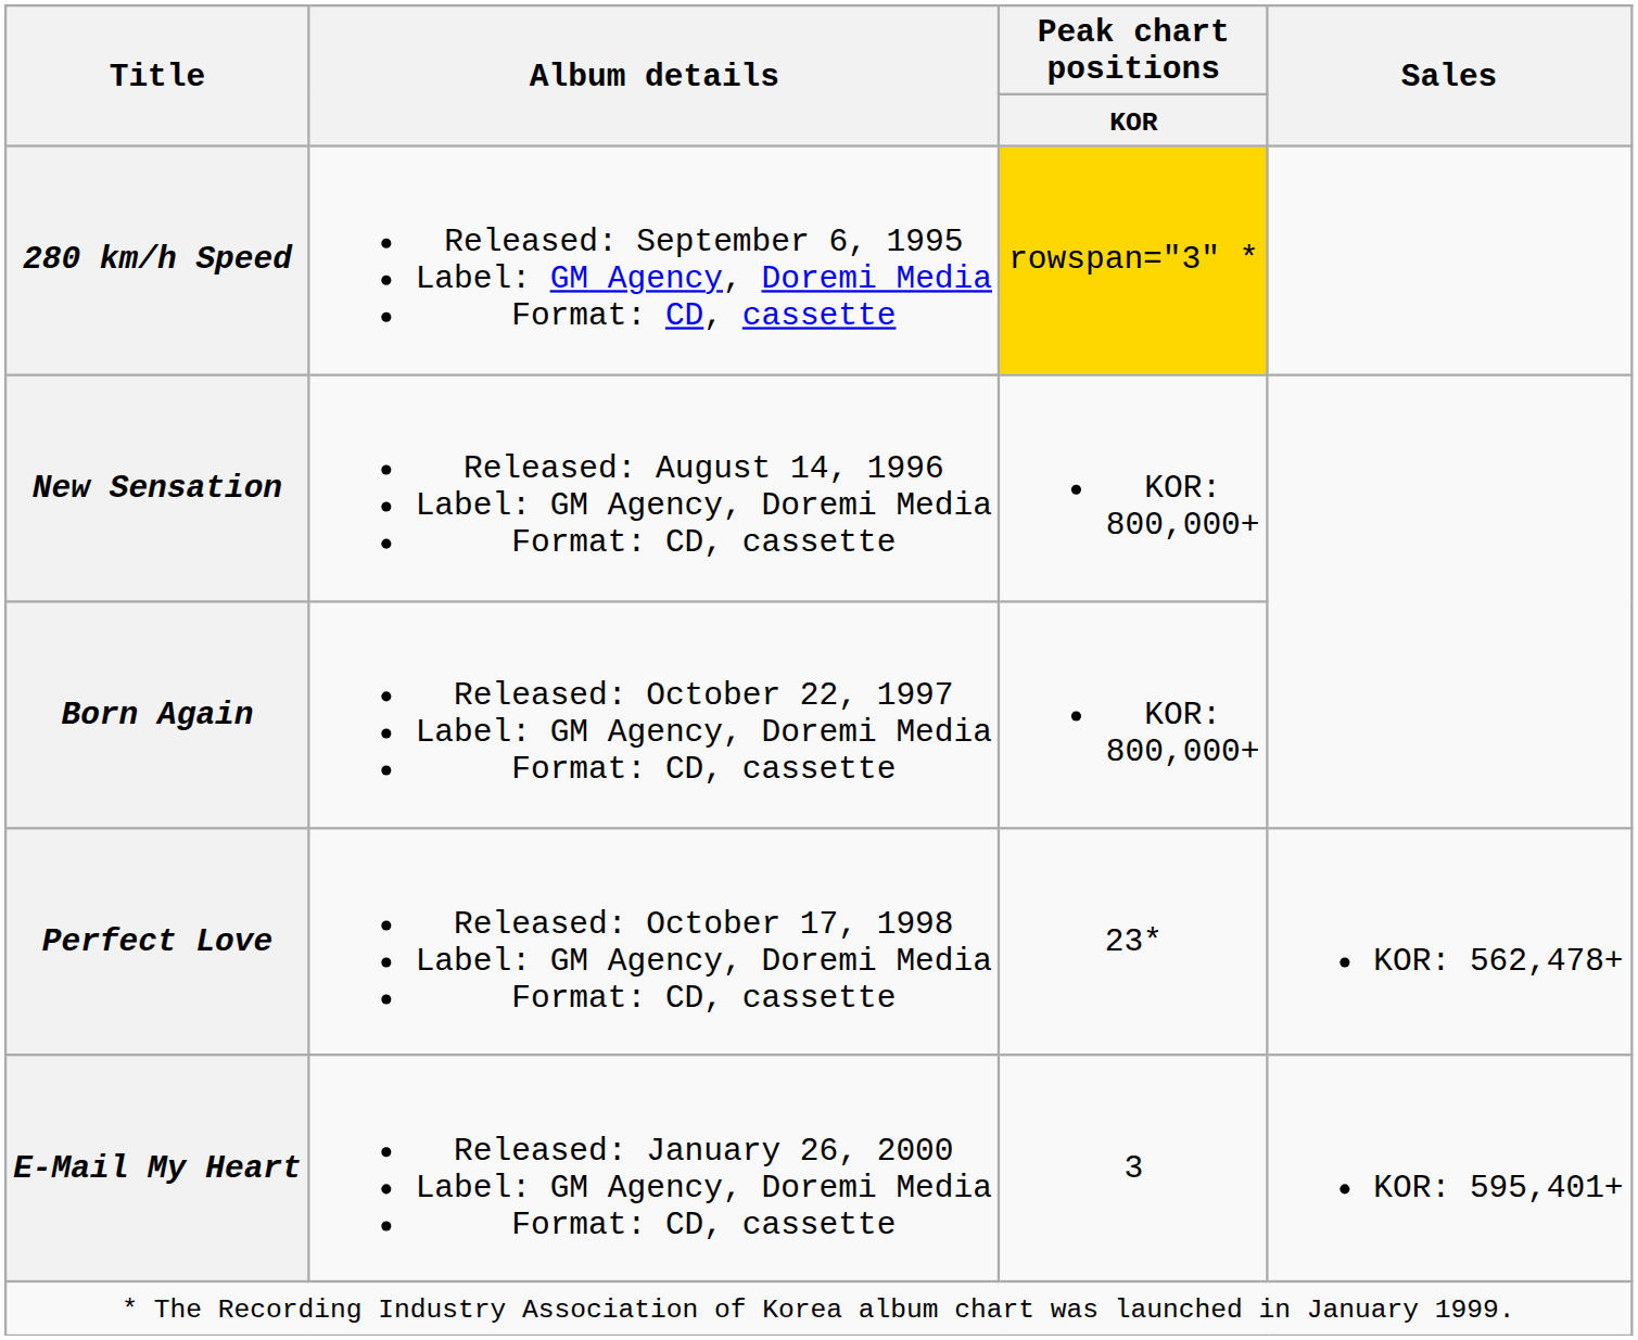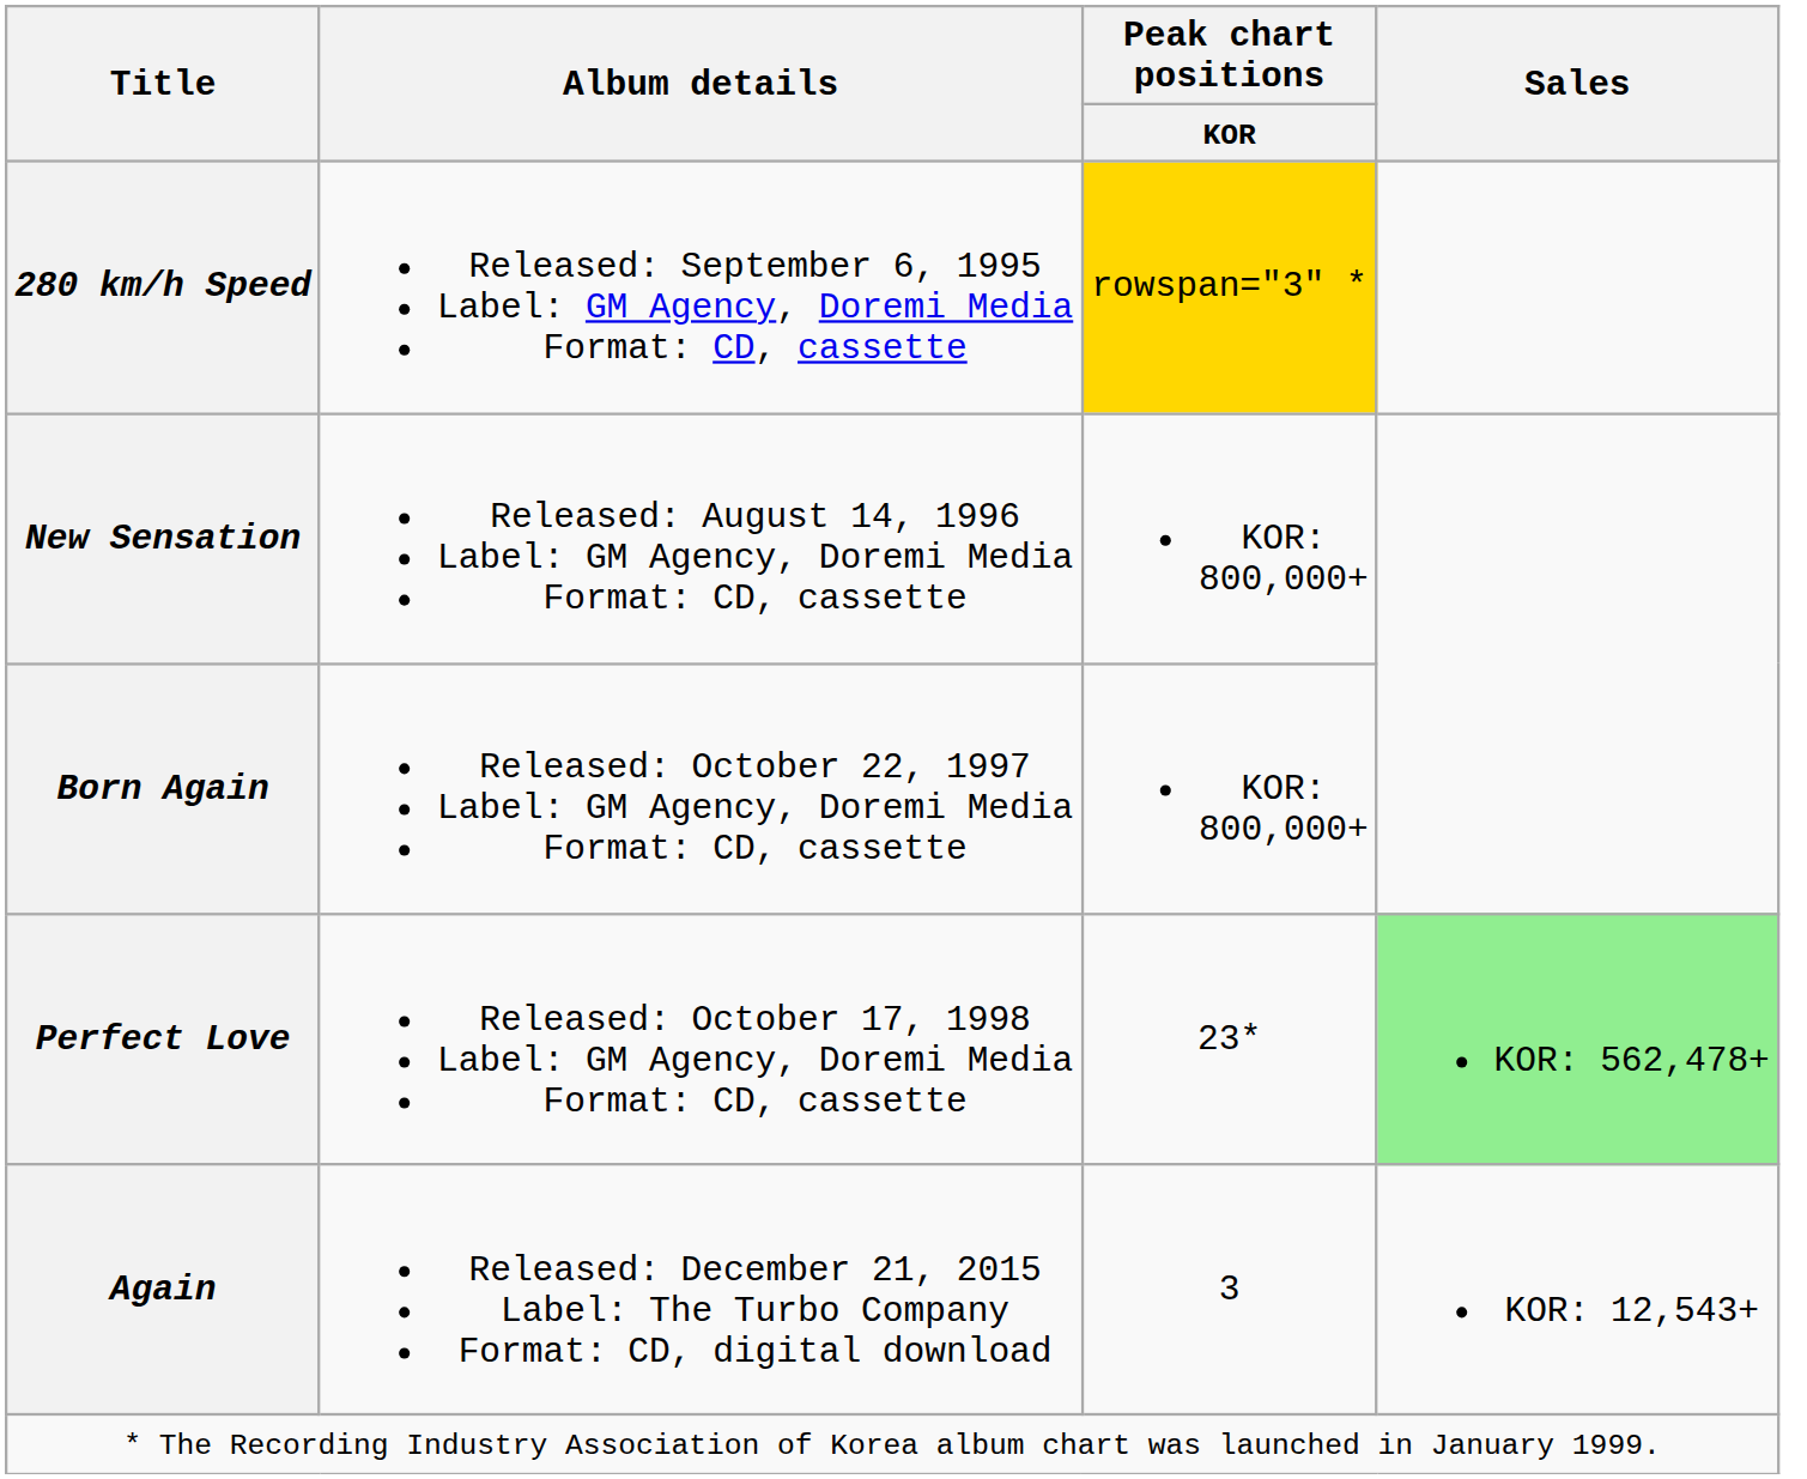 <table class="wikitable plainrowheaders" style="text-align:center;">
 <tr>
 <th scope="col" rowspan="2">Title</th>
 <th scope="col" rowspan="2">Album details</th>
 <th scope="col" colspan="1" style="width:5em;">Peak chart positions</th>
 <th scope="col" rowspan="2">Sales</th>
 </tr>
 <tr>
 <th><small>KOR</small><br></th>
 </tr>
 <tr>
 <th scope="row"><em>280 km/h Speed</em></th>
 <td><br><ul><li>Released: September 6, 1995</li><li>Label: <a href='#'>GM Agency</a>, <a href='#'>Doremi Media</a></li><li>Format: <a href='#'>CD</a>, <a href='#'>cassette</a></li></ul></td>
 <td style="background: gold;">rowspan="3" *</td>
 <td></td>
 </tr>
 <tr>
 <th scope="row"><em>New Sensation</em></th>
 <td><br><ul><li>Released: August 14, 1996</li><li>Label: GM Agency, Doremi Media</li><li>Format: CD, cassette</li></ul></td>
 <td><br><ul><li>KOR: 800,000+</li></ul></td>
 </tr>
 <tr>
 <th scope="row"><em>Born Again</em></th>
 <td><br><ul><li>Released: October 22, 1997</li><li>Label: GM Agency, Doremi Media</li><li>Format: CD, cassette</li></ul></td>
 <td><br><ul><li>KOR: 800,000+</li></ul></td>
 </tr>
 <tr>
 <th scope="row"><em>Perfect Love</em></th>
 <td><br><ul><li>Released: October 17, 1998</li><li>Label: GM Agency, Doremi Media</li><li>Format: CD, cassette</li></ul></td>
 <td>23*</td>
-<td><br><ul><li>KOR: 562,478+</li></ul></td>
+<td style="background: lightgreen;"><br><ul><li>KOR: 562,478+</li></ul></td>
 </tr>
 <tr>
-<th scope="row"><em>E-Mail My Heart</em></th>
-<td><br><ul><li>Released: January 26, 2000</li><li>Label: GM Agency, Doremi Media</li><li>Format: CD, cassette</li></ul></td>
+<th scope="row"><em>Again</em></th>
+<td><br><ul><li>Released: December 21, 2015</li><li>Label: The Turbo Company</li><li>Format: CD, digital download</li></ul></td>
 <td>3</td>
-<td><br><ul><li>KOR: 595,401+</li></ul></td>
+<td><br><ul><li>KOR: 12,543+</li></ul></td>
 </tr>
 <tr>
 <td colspan="4" align="center"><small>* The Recording Industry Association of Korea album chart was launched in January 1999.</small></td>
 </tr>
 </table>
